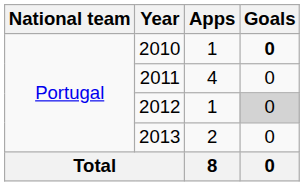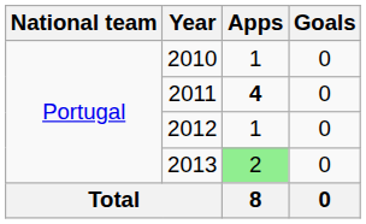 <table class="wikitable" style="text-align:center">
 <tr>
 <th>National team</th>
 <th>Year</th>
 <th>Apps</th>
 <th>Goals</th>
 </tr>
 <tr>
 <td rowspan="4"><a href='#'>Portugal</a></td>
 <td>2010</td>
 <td>1</td>
-<td><strong>0</strong></td>
+<td>0</td>
 </tr>
 <tr>
 <td>2011</td>
-<td>4</td>
+<td><strong>4</strong></td>
 <td>0</td>
 </tr>
 <tr>
 <td>2012</td>
 <td>1</td>
-<td style="background: lightgrey;">0</td>
+<td>0</td>
 </tr>
 <tr>
 <td>2013</td>
-<td>2</td>
+<td style="background: lightgreen;">2</td>
 <td>0</td>
 </tr>
 <tr>
 <th colspan="2">Total</th>
 <th>8</th>
 <th>0</th>
 </tr>
 </table>
